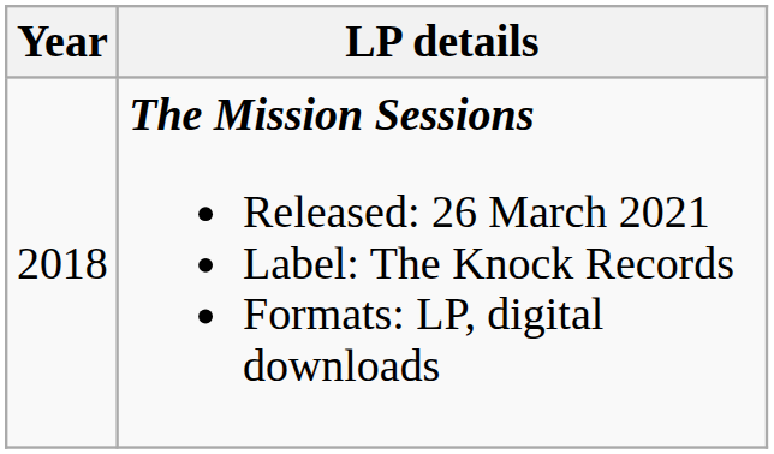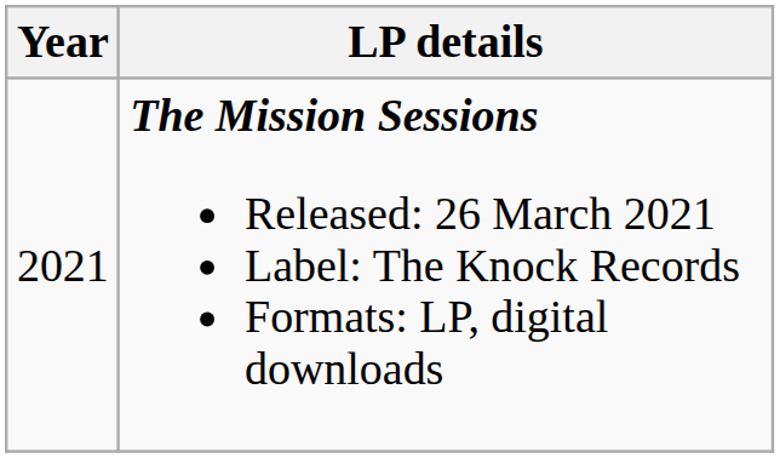 <table class="wikitable" border="1">
 <tr>
 <th>Year</th>
 <th width="220">LP details</th>
 </tr>
 <tr>
-<td>2018</td>
+<td>2021</td>
 <td><strong><em>The Mission Sessions</em></strong> <br><ul><li>Released: 26 March 2021</li><li>Label: The Knock Records</li><li>Formats: LP, digital downloads</li></ul></td>
 </tr>
 </table>
